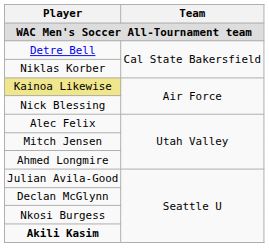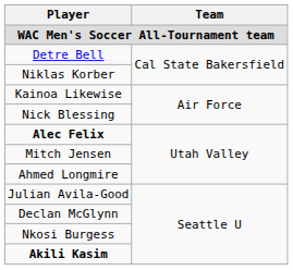 <table class="wikitable" style="white-space:nowrap; font-size:90%; text-align: center;">
 <tr>
 <th>Player</th>
 <th>Team</th>
 </tr>
 <tr>
 <td colspan="2" style="text-align:center; background:#ddd;"><strong>WAC Men's Soccer All-Tournament team</strong></td>
 </tr>
 <tr>
 <td><a href='#'>Detre Bell</a></td>
 <td rowspan="2">Cal State Bakersfield</td>
 </tr>
 <tr>
 <td>Niklas Korber</td>
 </tr>
 <tr>
-<td style="background: khaki;">Kainoa Likewise</td>
+<td>Kainoa Likewise</td>
 <td rowspan="2">Air Force</td>
 </tr>
 <tr>
 <td>Nick Blessing</td>
 </tr>
 <tr>
-<td>Alec Felix</td>
+<td><strong>Alec Felix</strong></td>
 <td rowspan="3">Utah Valley</td>
 </tr>
 <tr>
 <td>Mitch Jensen</td>
 </tr>
 <tr>
 <td>Ahmed Longmire</td>
 </tr>
 <tr>
 <td>Julian Avila-Good</td>
 <td rowspan="4">Seattle U</td>
 </tr>
 <tr>
 <td>Declan McGlynn</td>
 </tr>
 <tr>
 <td>Nkosi Burgess</td>
 </tr>
 <tr>
 <td><strong>Akili Kasim</strong></td>
 </tr>
 </table>
